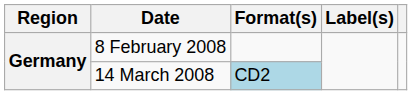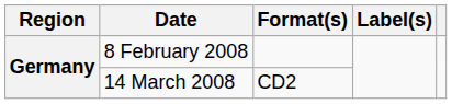 <table class="wikitable plainrowheaders">
 <tr>
 <th scope="col">Region</th>
 <th scope="col">Date</th>
 <th scope="col">Format(s)</th>
 <th scope="col">Label(s)</th>
 <th scope="col"></th>
 </tr>
 <tr>
 <th scope="row" rowspan="2">Germany</th>
 <td>8 February 2008</td>
 <td></td>
 <td rowspan="2"></td>
 <td rowspan="2"></td>
 </tr>
 <tr>
 <td>14 March 2008</td>
-<td style="background: lightblue;">CD2</td>
+<td>CD2</td>
 </tr>
 </table>
